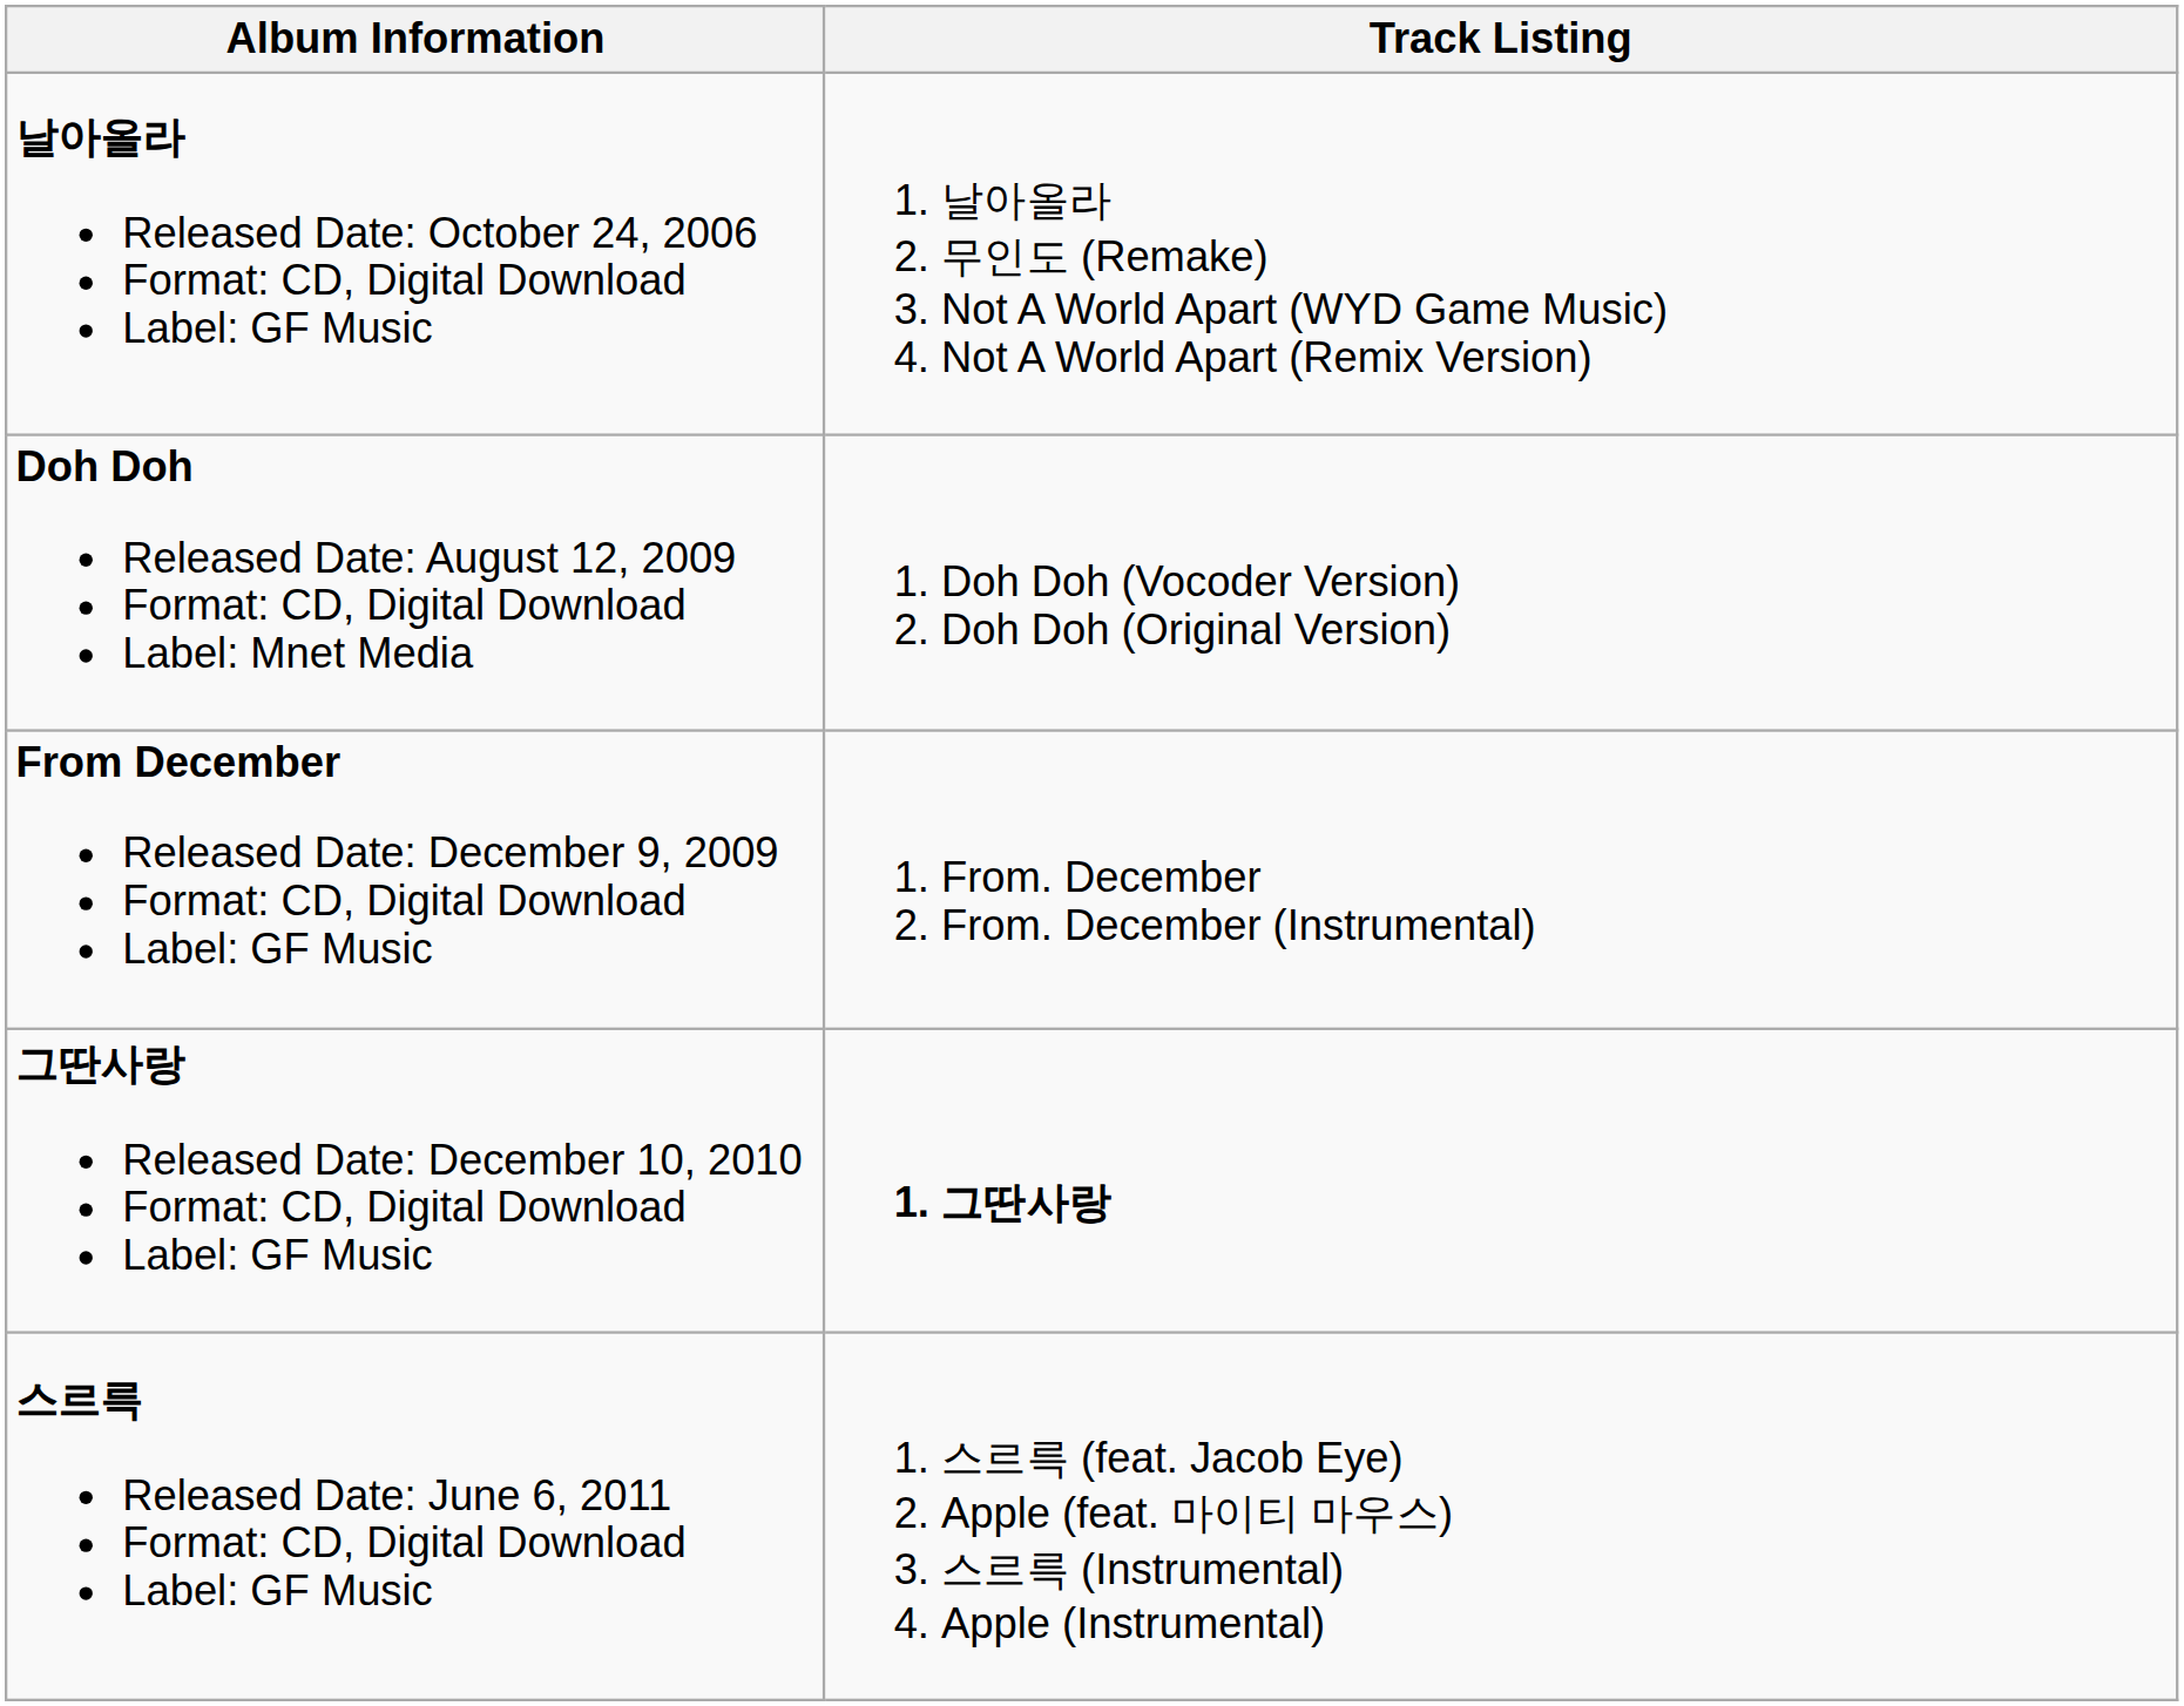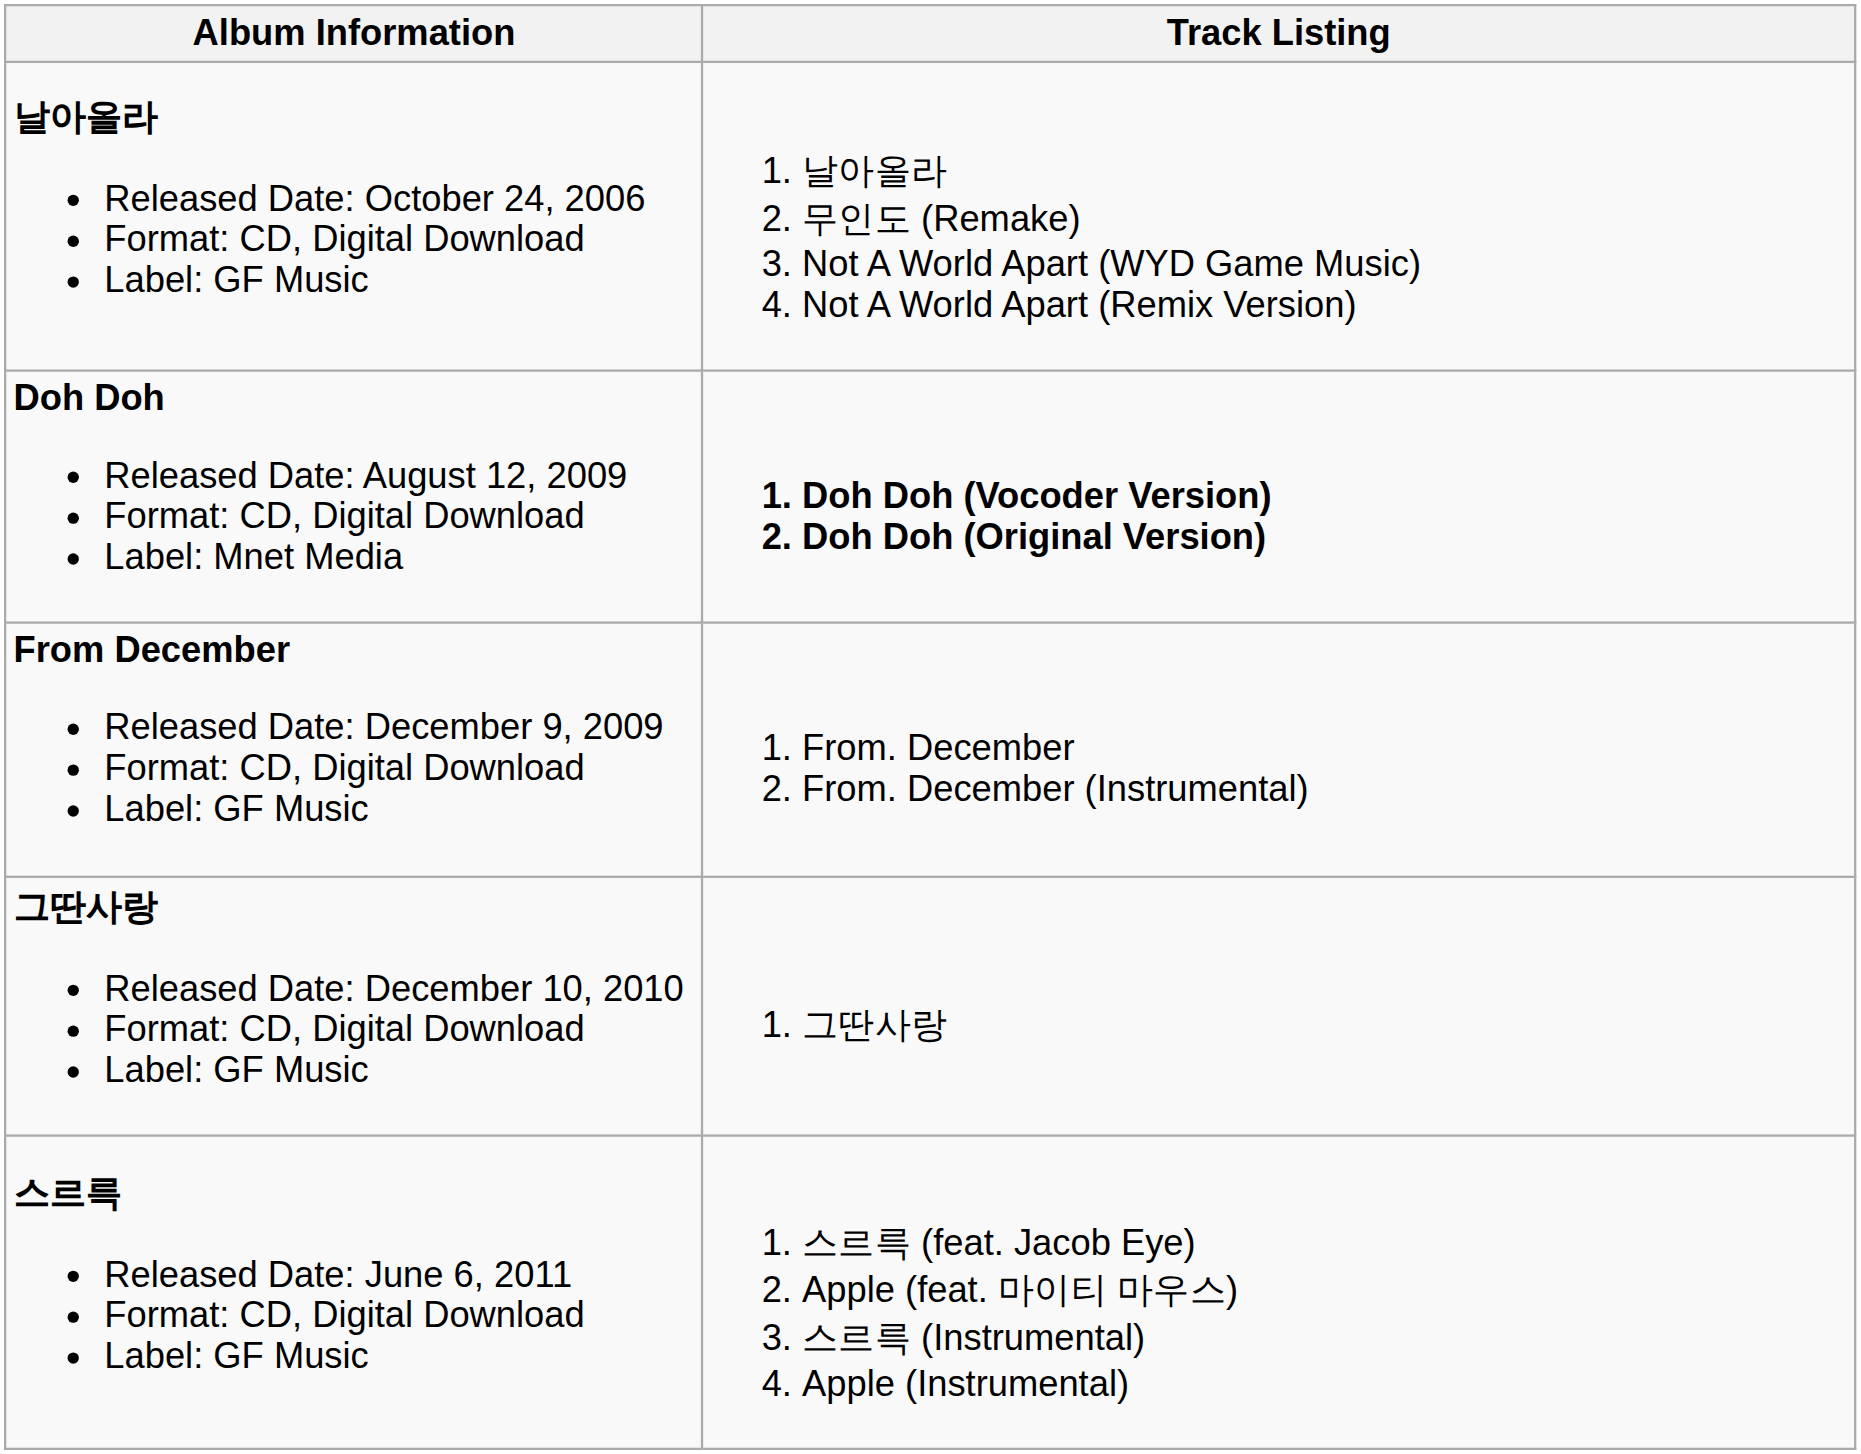 <table class="wikitable">
 <tr>
 <th align="left" width="300px">Album Information</th>
 <th align="left" width="500px">Track Listing</th>
 </tr>
 <tr>
 <td><strong>날아올라</strong><br><ul><li>Released Date: October 24, 2006</li><li>Format: CD, Digital Download</li><li>Label: GF Music</li></ul></td>
 <td><br><ol><li>날아올라</li><li>무인도 (Remake)</li><li>Not A World Apart (WYD Game Music)</li><li>Not A World Apart (Remix Version)</li></ol></td>
 </tr>
 <tr>
 <td><strong>Doh Doh</strong><br><ul><li>Released Date: August 12, 2009</li><li>Format: CD, Digital Download</li><li>Label: Mnet Media</li></ul></td>
-<td><br><ol><li>Doh Doh (Vocoder Version)</li><li>Doh Doh (Original Version)</li></ol></td>
+<td><strong><br><ol><li>Doh Doh (Vocoder Version)</li><li>Doh Doh (Original Version)</li></ol></strong></td>
 </tr>
 <tr>
 <td><strong>From December</strong><br><ul><li>Released Date: December 9, 2009</li><li>Format: CD, Digital Download</li><li>Label: GF Music</li></ul></td>
 <td><br><ol><li>From. December</li><li>From. December (Instrumental)</li></ol></td>
 </tr>
 <tr>
 <td><strong>그딴사랑</strong><br><ul><li>Released Date: December 10, 2010</li><li>Format: CD, Digital Download</li><li>Label: GF Music</li></ul></td>
-<td><strong><br><ol><li>그딴사랑</li></ol></strong></td>
+<td><br><ol><li>그딴사랑</li></ol></td>
 </tr>
 <tr>
 <td><strong>스르륵</strong><br><ul><li>Released Date: June 6, 2011</li><li>Format: CD, Digital Download</li><li>Label: GF Music</li></ul></td>
 <td><br><ol><li>스르륵 (feat. Jacob Eye)</li><li>Apple (feat. 마이티 마우스)</li><li>스르륵 (Instrumental)</li><li>Apple (Instrumental)</li></ol></td>
 </tr>
 </table>
